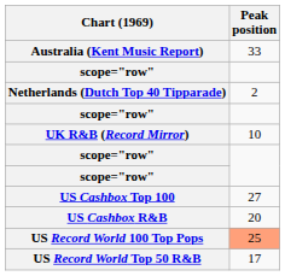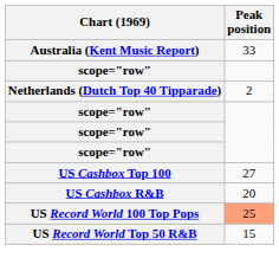 <table class="wikitable sortable plainrowheaders">
 <tr>
 <th scope="col">Chart (1969)</th>
 <th scope="col">Peak<br>position</th>
 </tr>
 <tr>
 <th scope="row">Australia (<a href='#'>Kent Music Report</a>)</th>
 <td align="center">33</td>
 </tr>
 <tr>
 <th>scope="row" </th>
 </tr>
 <tr>
 <th scope="row">Netherlands (<a href='#'>Dutch Top 40 Tipparade</a>)</th>
 <td align="center">2</td>
 </tr>
 <tr>
 <th>scope="row" </th>
-</tr>
-<tr>
-<th scope="row"><a href='#'>UK R&B</a> (<em><a href='#'>Record Mirror</a></em>)</th>
-<td align="center">10</td>
 </tr>
 <tr>
 <th>scope="row" </th>
 </tr>
 <tr>
 <th>scope="row" </th>
 </tr>
 <tr>
 <th scope="row"><a href='#'>US <em>Cashbox</em> Top 100</a></th>
 <td style="text-align:center;">27</td>
 </tr>
 <tr>
 <th scope="row"><a href='#'>US <em>Cashbox</em> R&B</a></th>
 <td style="text-align:center;">20</td>
 </tr>
 <tr>
 <th scope="row">US <a href='#'><em>Record World</em> 100 Top Pops</a></th>
 <td style="background: lightsalmon; text-align:center;">25</td>
 </tr>
 <tr>
 <th scope="row">US <a href='#'><em>Record World</em> Top 50 R&B</a></th>
-<td style="text-align:center;">17</td>
+<td style="text-align:center;">15</td>
 </tr>
 </table>
